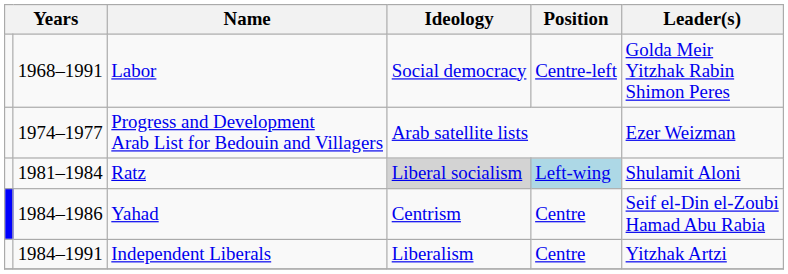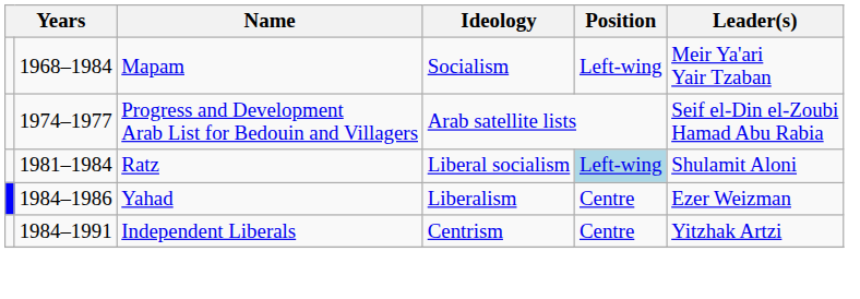 <table class=wikitable>
 <tr>
 <th colspan=2>Years</th>
 <th>Name</th>
 <th>Ideology</th>
 <th>Position</th>
 <th>Leader(s)</th>
 </tr>
 <tr>
 <td style="background: "></td>
-<td>1968–1991</td>
-<td><a href='#'>Labor</a></td>
-<td><a href='#'>Social democracy</a></td>
-<td><a href='#'>Centre-left</a></td>
-<td><a href='#'>Golda Meir</a><br><a href='#'>Yitzhak Rabin</a><br><a href='#'>Shimon Peres</a></td>
+<td>1968–1984</td>
+<td><a href='#'>Mapam</a></td>
+<td><a href='#'>Socialism</a></td>
+<td><a href='#'>Left-wing</a></td>
+<td><a href='#'>Meir Ya'ari</a><br><a href='#'>Yair Tzaban</a></td>
 </tr>
 <tr>
 <td style="background: "></td>
 <td>1974–1977</td>
 <td><a href='#'>Progress and Development</a><br><a href='#'>Arab List for Bedouin and Villagers</a></td>
 <td colspan="2"><a href='#'>Arab satellite lists</a></td>
-<td><a href='#'>Ezer Weizman</a></td>
+<td><a href='#'>Seif el-Din el-Zoubi</a><br><a href='#'>Hamad Abu Rabia</a></td>
 </tr>
 <tr>
 <td style="background: "></td>
 <td>1981–1984</td>
 <td><a href='#'>Ratz</a></td>
-<td style="background: lightgrey;"><a href='#'>Liberal socialism</a></td>
+<td><a href='#'>Liberal socialism</a></td>
 <td style="background: lightblue;"><a href='#'>Left-wing</a></td>
 <td><a href='#'>Shulamit Aloni</a></td>
 </tr>
 <tr>
 <td style="background: #0000FE"></td>
 <td>1984–1986</td>
 <td><a href='#'>Yahad</a></td>
-<td><a href='#'>Centrism</a></td>
+<td><a href='#'>Liberalism</a></td>
 <td><a href='#'>Centre</a></td>
-<td><a href='#'>Seif el-Din el-Zoubi</a><br><a href='#'>Hamad Abu Rabia</a></td>
+<td><a href='#'>Ezer Weizman</a></td>
 </tr>
 <tr>
 <td style="background: "></td>
 <td>1984–1991</td>
 <td><a href='#'>Independent Liberals</a></td>
-<td><a href='#'>Liberalism</a></td>
+<td><a href='#'>Centrism</a></td>
 <td><a href='#'>Centre</a></td>
 <td><a href='#'>Yitzhak Artzi</a></td>
 </tr>
 <tr>
 </tr>
 </table>
